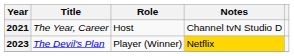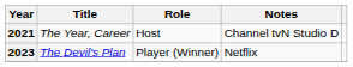 <table class="wikitable sortable plainrowheaders">
 <tr>
 <th scope="col">Year</th>
 <th scope="col">Title</th>
 <th scope="col">Role</th>
 <th scope="col">Notes</th>
 <th scope="col" class="unsortable"></th>
 </tr>
 <tr>
 <th scope="row">2021</th>
 <td><em>The Year, Career</em></td>
 <td>Host</td>
 <td>Channel tvN Studio D</td>
 <td></td>
 </tr>
 <tr>
 <th scope="row">2023</th>
 <td><em><a href='#'>The Devil's Plan</a></em></td>
 <td>Player (Winner)</td>
-<td style="background: gold;">Netflix</td>
+<td>Netflix</td>
 <td></td>
 </tr>
 <tr>
 </tr>
 </table>
